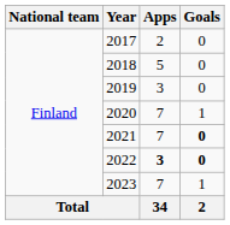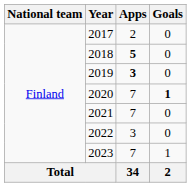 <table class=wikitable style=text-align:center>
 <tr>
 <th>National team</th>
 <th>Year</th>
 <th>Apps</th>
 <th>Goals</th>
 </tr>
 <tr>
 <td rowspan="7"><a href='#'>Finland</a></td>
 <td>2017</td>
 <td>2</td>
 <td>0</td>
 </tr>
 <tr>
 <td>2018</td>
-<td>5</td>
+<td><strong>5</strong></td>
 <td>0</td>
 </tr>
 <tr>
 <td>2019</td>
-<td>3</td>
+<td><strong>3</strong></td>
 <td>0</td>
 </tr>
 <tr>
 <td>2020</td>
 <td>7</td>
-<td>1</td>
+<td><strong>1</strong></td>
 </tr>
 <tr>
 <td>2021</td>
 <td>7</td>
-<td><strong>0</strong></td>
+<td>0</td>
 </tr>
 <tr>
 <td>2022</td>
-<td><strong>3</strong></td>
-<td><strong>0</strong></td>
+<td>3</td>
+<td>0</td>
 </tr>
 <tr>
 <td>2023</td>
 <td>7</td>
 <td>1</td>
 </tr>
 <tr>
 <th colspan="2">Total</th>
 <th>34</th>
 <th>2</th>
 </tr>
 </table>
